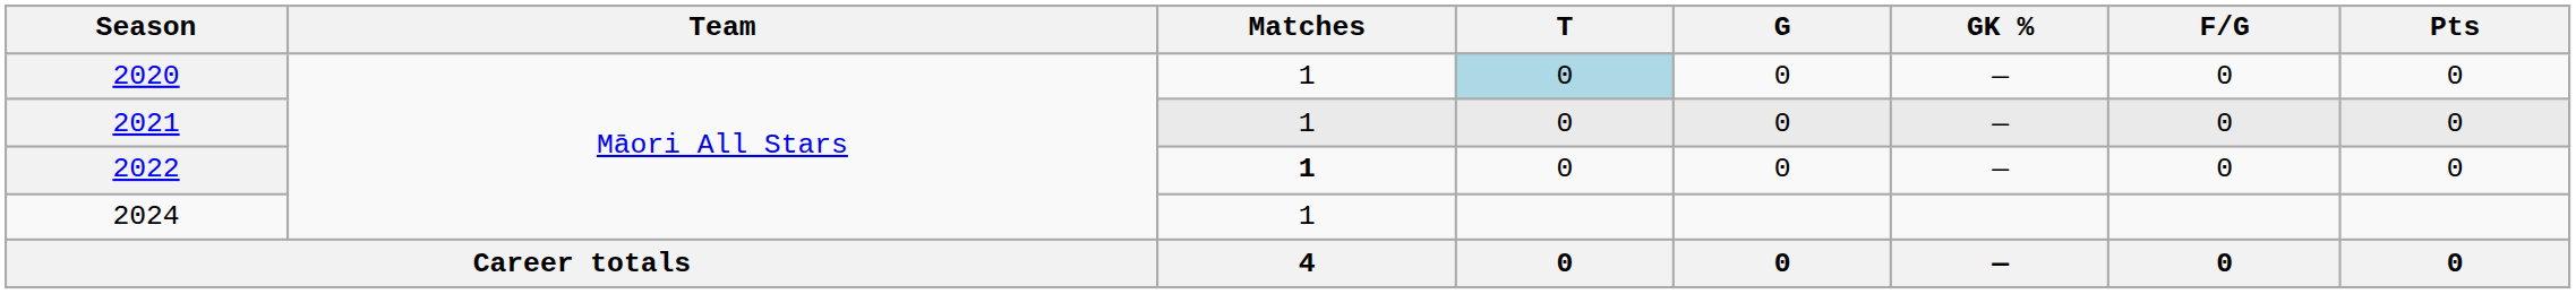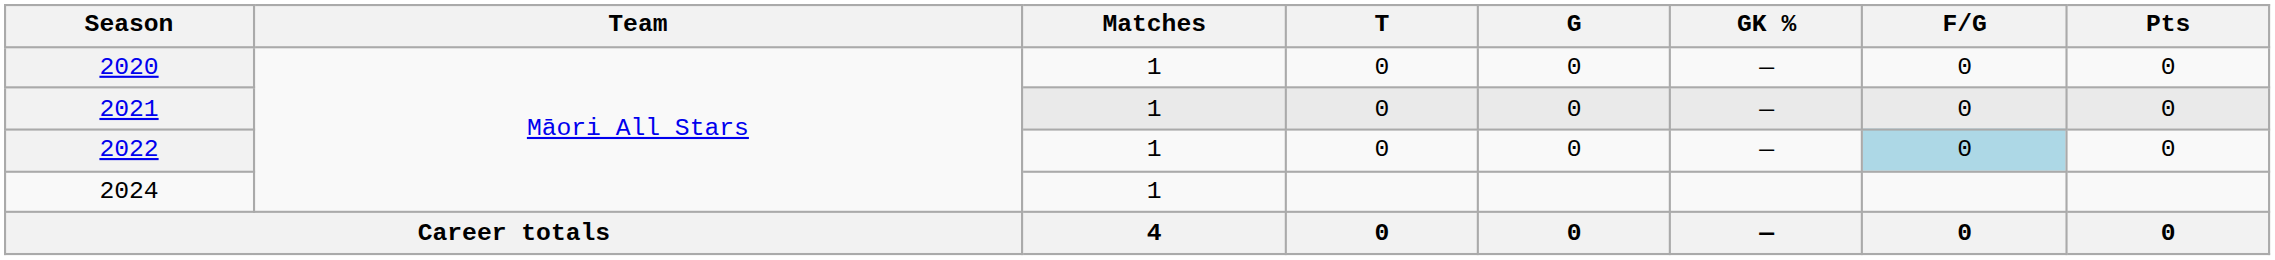 <table class="wikitable sortable"  style="font-size:90%; text-align:center; width:85%;">
 <tr>
 <th width=2%>Season</th>
 <th width=8%>Team</th>
 <th width=2%>Matches</th>
 <th width=2%>T</th>
 <th width=2%>G</th>
 <th width=2%>GK %</th>
 <th width=2%>F/G</th>
 <th width=2%>Pts</th>
 </tr>
 <tr>
 <th scope="row" style="text-align:center; font-weight:normal"><a href='#'>2020</a></th>
 <td rowspan="4" style="text-align:center;"> <a href='#'>Māori All Stars</a></td>
 <td>1</td>
-<td style="background: lightblue;">0</td>
+<td>0</td>
 <td>0</td>
 <td>—</td>
 <td>0</td>
 <td>0</td>
 </tr>
 <tr style="background:#eaeaea;">
 <th scope="row" style="text-align:center; font-weight:normal"><a href='#'>2021</a></th>
 <td>1</td>
 <td>0</td>
 <td>0</td>
 <td>—</td>
 <td>0</td>
 <td>0</td>
 </tr>
 <tr>
 <th scope="row" style="text-align:center; font-weight:normal"><a href='#'>2022</a></th>
-<td><strong>1</strong></td>
+<td>1</td>
 <td>0</td>
 <td>0</td>
 <td>—</td>
-<td>0</td>
+<td style="background: lightblue;">0</td>
 <td>0</td>
 </tr>
 <tr>
 <td>2024</td>
 <td>1</td>
 <td></td>
 <td></td>
 <td></td>
 <td></td>
 <td></td>
 </tr>
 <tr class="sortbottom">
 <th colspan="2">Career totals</th>
 <th>4</th>
 <th>0</th>
 <th>0</th>
 <th>—</th>
 <th>0</th>
 <th>0</th>
 </tr>
 </table>
